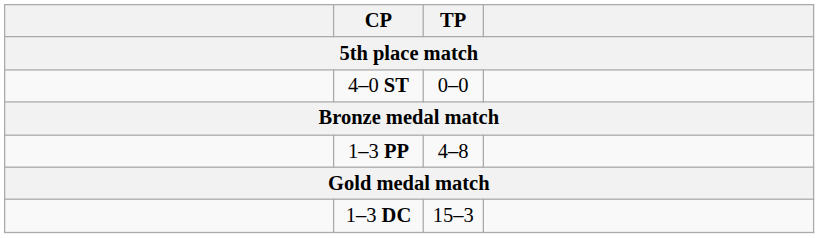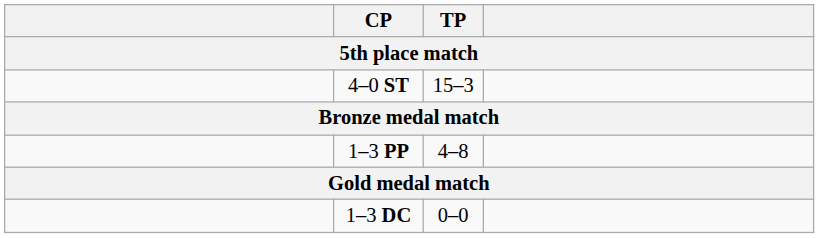 <table class="wikitable" style="text-align: center;" |>
 <tr>
 <th width="250"></th>
 <th width="62">CP</th>
 <th width="40">TP</th>
 <th width="250"></th>
 </tr>
 <tr>
 <th colspan="5">5th place match</th>
 </tr>
 <tr>
 <td style="text-align:left;"><strong></strong></td>
 <td>4–0 <strong>ST</strong></td>
-<td>0–0</td>
+<td>15–3</td>
 <td style="text-align:left;"></td>
 </tr>
 <tr>
 <th colspan="5">Bronze medal match</th>
 </tr>
 <tr>
 <td style="text-align:left;"></td>
 <td>1–3 <strong>PP</strong></td>
 <td>4–8</td>
 <td style="text-align:left;"><strong></strong></td>
 </tr>
 <tr>
 <th colspan="5">Gold medal match</th>
 </tr>
 <tr>
 <td style="text-align:left;"></td>
 <td>1–3 <strong>DC</strong></td>
-<td>15–3</td>
+<td>0–0</td>
 <td style="text-align:left;"><strong></strong></td>
 </tr>
 </table>
